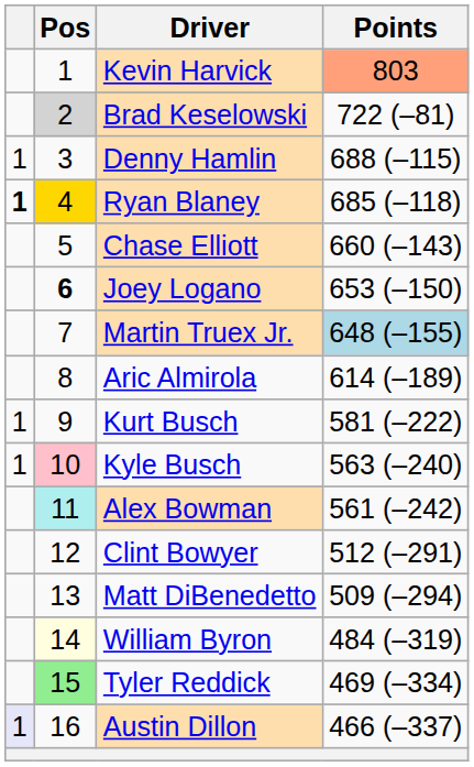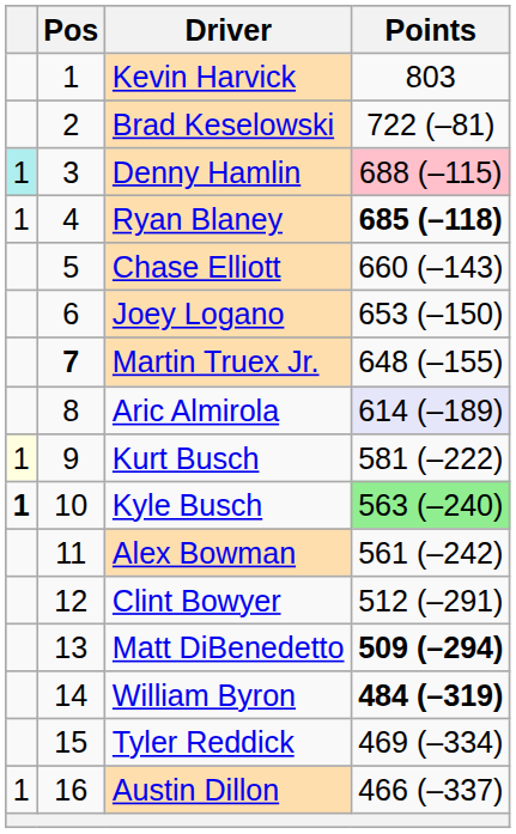 <table class="wikitable" style="font-size: 95%">
 <tr>
 <th></th>
 <th>Pos</th>
 <th>Driver</th>
 <th>Points</th>
 </tr>
 <tr>
 <td align="left"></td>
 <td style="text-align:center;">1</td>
 <td style="background:#FFDEAD;"><a href='#'>Kevin Harvick</a></td>
-<td style="background: lightsalmon; text-align:center;">803</td>
+<td style="text-align:center;">803</td>
 </tr>
 <tr>
 <td align="left"></td>
-<td style="background: lightgrey; text-align:center;">2</td>
+<td style="text-align:center;">2</td>
 <td style="background:#FFDEAD;"><a href='#'>Brad Keselowski</a></td>
 <td style="text-align:center;">722 (–81)</td>
 </tr>
 <tr>
-<td align="left"> 1</td>
+<td align="left" style="background: paleturquoise;"> 1</td>
 <td style="text-align:center;">3</td>
 <td style="background:#FFDEAD;"><a href='#'>Denny Hamlin</a></td>
-<td style="text-align:center;">688 (–115)</td>
+<td style="background: pink; text-align:center;">688 (–115)</td>
 </tr>
 <tr>
-<td align="left"><strong> 1</strong></td>
-<td style="background: gold; text-align:center;">4</td>
+<td align="left"> 1</td>
+<td style="text-align:center;">4</td>
 <td style="background:#FFDEAD;"><a href='#'>Ryan Blaney</a></td>
-<td style="text-align:center;">685 (–118)</td>
+<td style="text-align:center;"><strong>685 (–118)</strong></td>
 </tr>
 <tr>
 <td align="left"></td>
 <td style="text-align:center;">5</td>
 <td style="background:#FFDEAD;"><a href='#'>Chase Elliott</a></td>
 <td style="text-align:center;">660 (–143)</td>
 </tr>
 <tr>
 <td align="left"></td>
-<td style="text-align:center;"><strong>6</strong></td>
+<td style="text-align:center;">6</td>
 <td style="background:#FFDEAD;"><a href='#'>Joey Logano</a></td>
 <td style="text-align:center;">653 (–150)</td>
 </tr>
 <tr>
 <td align="left"></td>
-<td style="text-align:center;">7</td>
+<td style="text-align:center;"><strong>7</strong></td>
 <td style="background:#FFDEAD;"><a href='#'>Martin Truex Jr.</a></td>
-<td style="background: lightblue; text-align:center;">648 (–155)</td>
+<td style="text-align:center;">648 (–155)</td>
 </tr>
 <tr>
 <td align="left"></td>
 <td style="text-align:center;">8</td>
 <td><a href='#'>Aric Almirola</a></td>
-<td style="text-align:center;">614 (–189)</td>
+<td style="background: lavender; text-align:center;">614 (–189)</td>
 </tr>
 <tr>
-<td align="left"> 1</td>
+<td align="left" style="background: lightyellow;"> 1</td>
 <td style="text-align:center;">9</td>
 <td><a href='#'>Kurt Busch</a></td>
 <td style="text-align:center;">581 (–222)</td>
 </tr>
 <tr>
-<td align="left"> 1</td>
-<td style="background: pink; text-align:center;">10</td>
+<td align="left"><strong> 1</strong></td>
+<td style="text-align:center;">10</td>
 <td><a href='#'>Kyle Busch</a></td>
-<td style="text-align:center;">563 (–240)</td>
+<td style="background: lightgreen; text-align:center;">563 (–240)</td>
 </tr>
 <tr>
 <td align="left"></td>
-<td style="background: paleturquoise; text-align:center;">11</td>
+<td style="text-align:center;">11</td>
 <td style="background:#FFDEAD;"><a href='#'>Alex Bowman</a></td>
 <td style="text-align:center;">561 (–242)</td>
 </tr>
 <tr>
 <td align="left"></td>
 <td style="text-align:center;">12</td>
 <td><a href='#'>Clint Bowyer</a></td>
 <td style="text-align:center;">512 (–291)</td>
 </tr>
 <tr>
 <td align="left"></td>
 <td style="text-align:center;">13</td>
 <td><a href='#'>Matt DiBenedetto</a></td>
-<td style="text-align:center;">509 (–294)</td>
+<td style="text-align:center;"><strong>509 (–294)</strong></td>
 </tr>
 <tr>
 <td align="left"></td>
-<td style="background: lightyellow; text-align:center;">14</td>
+<td style="text-align:center;">14</td>
 <td><a href='#'>William Byron</a></td>
-<td style="text-align:center;">484 (–319)</td>
+<td style="text-align:center;"><strong>484 (–319)</strong></td>
 </tr>
 <tr>
 <td align="left"></td>
-<td style="background: lightgreen; text-align:center;">15</td>
+<td style="text-align:center;">15</td>
 <td><a href='#'>Tyler Reddick</a></td>
 <td style="text-align:center;">469 (–334)</td>
 </tr>
 <tr>
-<td align="left" style="background: lavender;"> 1</td>
+<td align="left"> 1</td>
 <td style="text-align:center;">16</td>
 <td style="background:#FFDEAD;"><a href='#'>Austin Dillon</a></td>
 <td style="text-align:center;">466 (–337)</td>
 </tr>
 <tr class="sortbottom">
 <th colspan="9"></th>
 </tr>
 </table>
